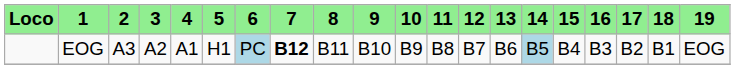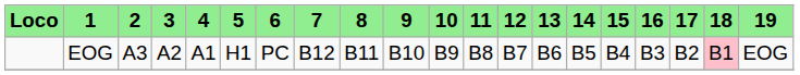 <table class="wikitable plainrowheaders unsortable" style="text-align:center">
 <tr>
 <th scope="col" rowspan="1" style="background:Lightgreen;">Loco</th>
 <th scope="col" rowspan="1" style="background:Lightgreen;">1</th>
 <th scope="col" rowspan="1" style="background:Lightgreen;">2</th>
 <th scope="col" rowspan="1" style="background:Lightgreen;">3</th>
 <th scope="col" rowspan="1" style="background:Lightgreen;">4</th>
 <th scope="col" rowspan="1" style="background:Lightgreen;">5</th>
 <th scope="col" rowspan="1" style="background:Lightgreen;">6</th>
 <th scope="col" rowspan="1" style="background:Lightgreen;">7</th>
 <th scope="col" rowspan="1" style="background:Lightgreen;">8</th>
 <th scope="col" rowspan="1" style="background:Lightgreen;">9</th>
 <th scope="col" rowspan="1" style="background:Lightgreen;">10</th>
 <th scope="col" rowspan="1" style="background:Lightgreen;">11</th>
 <th scope="col" rowspan="1" style="background:Lightgreen;">12</th>
 <th scope="col" rowspan="1" style="background:Lightgreen;">13</th>
 <th scope="col" rowspan="1" style="background:Lightgreen;">14</th>
 <th scope="col" rowspan="1" style="background:Lightgreen;">15</th>
 <th scope="col" rowspan="1" style="background:Lightgreen;">16</th>
 <th scope="col" rowspan="1" style="background:Lightgreen;">17</th>
 <th scope="col" rowspan="1" style="background:Lightgreen;">18</th>
 <th scope="col" rowspan="1" style="background:Lightgreen;">19</th>
 </tr>
 <tr>
 <td></td>
 <td>EOG</td>
 <td>A3</td>
 <td>A2</td>
 <td>A1</td>
 <td>H1</td>
-<td style="background: lightblue;">PC</td>
-<td><strong>B12</strong></td>
+<td>PC</td>
+<td>B12</td>
 <td>B11</td>
 <td>B10</td>
 <td>B9</td>
 <td>B8</td>
 <td>B7</td>
 <td>B6</td>
-<td style="background: lightblue;">B5</td>
+<td>B5</td>
 <td>B4</td>
 <td>B3</td>
 <td>B2</td>
-<td>B1</td>
+<td style="background: pink;">B1</td>
 <td>EOG</td>
 </tr>
 <tr>
 </tr>
 </table>
